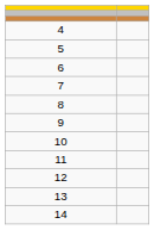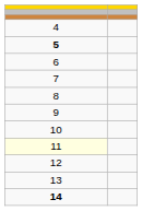 <table class="wikitable" style="width:200px;">
 <tr style="background:gold;">
 <td align=center></td>
 <td></td>
 </tr>
 <tr style="background:silver;">
 <td align=center></td>
 <td></td>
 </tr>
 <tr style="background:peru;">
 <td align=center></td>
 <td></td>
 </tr>
 <tr>
 <td align=center>4</td>
 <td></td>
 </tr>
 <tr>
-<td align=center>5</td>
+<td align=center><strong>5</strong></td>
 <td></td>
 </tr>
 <tr>
 <td align=center>6</td>
 <td></td>
 </tr>
 <tr>
 <td align=center>7</td>
 <td></td>
 </tr>
 <tr>
 <td align=center>8</td>
 <td></td>
 </tr>
 <tr>
 <td align=center>9</td>
 <td></td>
 </tr>
 <tr>
 <td align=center>10</td>
 <td></td>
 </tr>
 <tr>
-<td align=center>11</td>
+<td align=center style="background: lightyellow;">11</td>
 <td></td>
 </tr>
 <tr>
 <td align=center>12</td>
 <td></td>
 </tr>
 <tr>
 <td align=center>13</td>
 <td></td>
 </tr>
 <tr>
-<td align=center>14</td>
+<td align=center><strong>14</strong></td>
 <td></td>
 </tr>
 </table>
